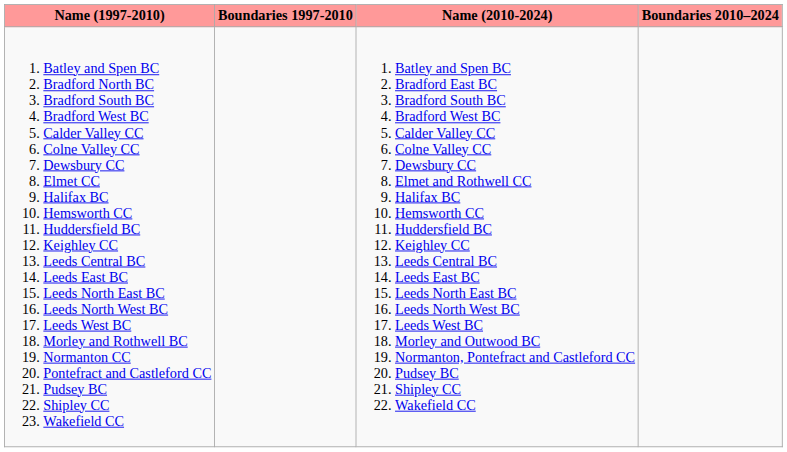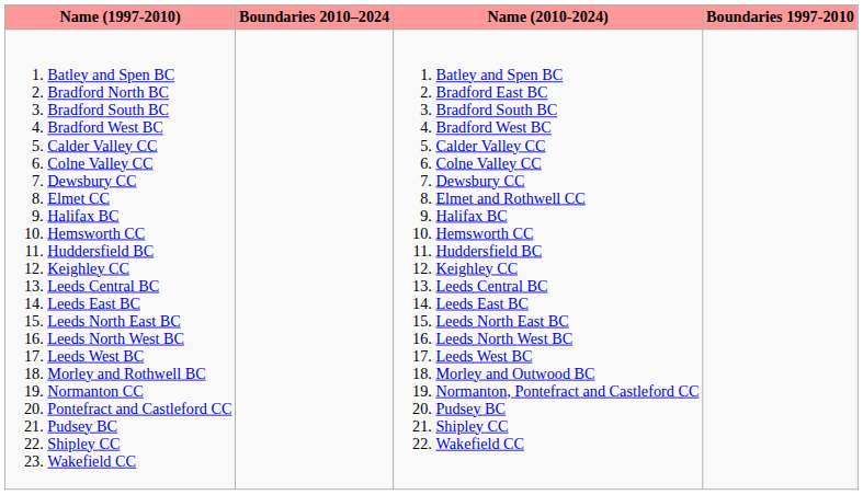 <table class="wikitable">
 <tr>
 <th style="background-color:#ff9999">Name (1997-2010)</th>
+<th style="background-color:#ff9999">Boundaries 2010–2024</th>
+<th style="background-color:#ff9999">Name (2010-2024)</th>
 <th style="background-color:#ff9999">Boundaries 1997-2010</th>
-<th style="background-color:#ff9999">Name (2010-2024)</th>
-<th style="background-color:#ff9999">Boundaries 2010–2024</th>
 </tr>
 <tr>
 <td valign="top"><br><ol><li><a href='#'>Batley and Spen BC</a></li><li><a href='#'>Bradford North BC</a></li><li><a href='#'>Bradford South BC</a></li><li><a href='#'>Bradford West BC</a></li><li><a href='#'>Calder Valley CC</a></li><li><a href='#'>Colne Valley CC</a></li><li><a href='#'>Dewsbury CC</a></li><li><a href='#'>Elmet CC</a></li><li><a href='#'>Halifax BC</a></li><li><a href='#'>Hemsworth CC</a></li><li><a href='#'>Huddersfield BC</a></li><li><a href='#'>Keighley CC</a></li><li><a href='#'>Leeds Central BC</a></li><li><a href='#'>Leeds East BC</a></li><li><a href='#'>Leeds North East BC</a></li><li><a href='#'>Leeds North West BC</a></li><li><a href='#'>Leeds West BC</a></li><li><a href='#'>Morley and Rothwell BC</a></li><li><a href='#'>Normanton CC</a></li><li><a href='#'>Pontefract and Castleford CC</a></li><li><a href='#'>Pudsey BC</a></li><li><a href='#'>Shipley CC</a></li><li><a href='#'>Wakefield CC</a></li></ol></td>
 <td></td>
 <td valign="top"><br><ol><li><a href='#'>Batley and Spen BC</a></li><li><a href='#'>Bradford East BC</a></li><li><a href='#'>Bradford South BC</a></li><li><a href='#'>Bradford West BC</a></li><li><a href='#'>Calder Valley CC</a></li><li><a href='#'>Colne Valley CC</a></li><li><a href='#'>Dewsbury CC</a></li><li><a href='#'>Elmet and Rothwell CC</a></li><li><a href='#'>Halifax BC</a></li><li><a href='#'>Hemsworth CC</a></li><li><a href='#'>Huddersfield BC</a></li><li><a href='#'>Keighley CC</a></li><li><a href='#'>Leeds Central BC</a></li><li><a href='#'>Leeds East BC</a></li><li><a href='#'>Leeds North East BC</a></li><li><a href='#'>Leeds North West BC</a></li><li><a href='#'>Leeds West BC</a></li><li><a href='#'>Morley and Outwood BC</a></li><li><a href='#'>Normanton, Pontefract and Castleford CC</a></li><li><a href='#'>Pudsey BC</a></li><li><a href='#'>Shipley CC</a></li><li><a href='#'>Wakefield CC</a></li></ol></td>
 <td></td>
 </tr>
 </table>
